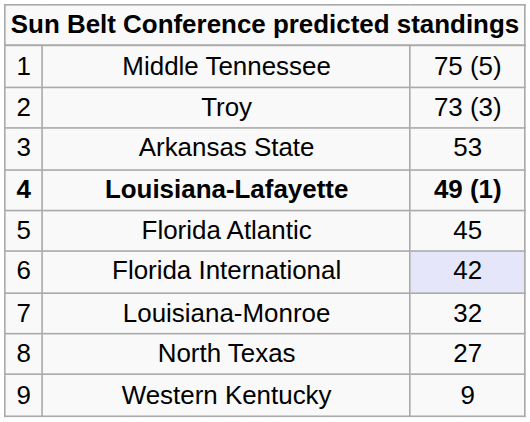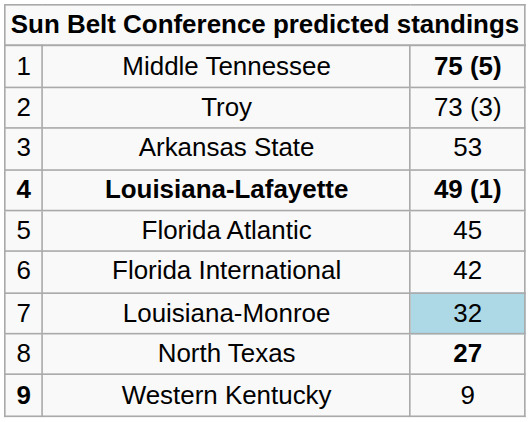 <table class= "wikitable">
 <tr style="text-align:center;">
 <td colspan="3"><strong>Sun Belt Conference predicted standings</strong></td>
 </tr>
 <tr style="text-align:center;">
 </tr>
 <tr style="text-align:center;">
 <td>1</td>
 <td>Middle Tennessee</td>
-<td>75 (5)</td>
+<td><strong>75 (5)</strong></td>
 </tr>
 <tr style="text-align:center;">
 <td>2</td>
 <td>Troy</td>
 <td>73 (3)</td>
 </tr>
 <tr style="text-align:center;">
 <td>3</td>
 <td>Arkansas State</td>
 <td>53</td>
 </tr>
 <tr style="text-align:center;">
 <td><strong>4</strong></td>
 <td><strong>Louisiana-Lafayette</strong></td>
 <td><strong>49 (1)</strong></td>
 </tr>
 <tr style="text-align:center;">
 <td>5</td>
 <td>Florida Atlantic</td>
 <td>45</td>
 </tr>
 <tr style="text-align:center;">
 <td>6</td>
 <td>Florida International</td>
-<td style="background: lavender;">42</td>
+<td>42</td>
 </tr>
 <tr style="text-align:center;">
 <td>7</td>
 <td>Louisiana-Monroe</td>
-<td>32</td>
+<td style="background: lightblue;">32</td>
 </tr>
 <tr style="text-align:center;">
 <td>8</td>
 <td>North Texas</td>
-<td>27</td>
+<td><strong>27</strong></td>
 </tr>
 <tr style="text-align:center;">
-<td>9</td>
+<td><strong>9</strong></td>
 <td>Western Kentucky</td>
 <td>9</td>
 </tr>
 </table>
